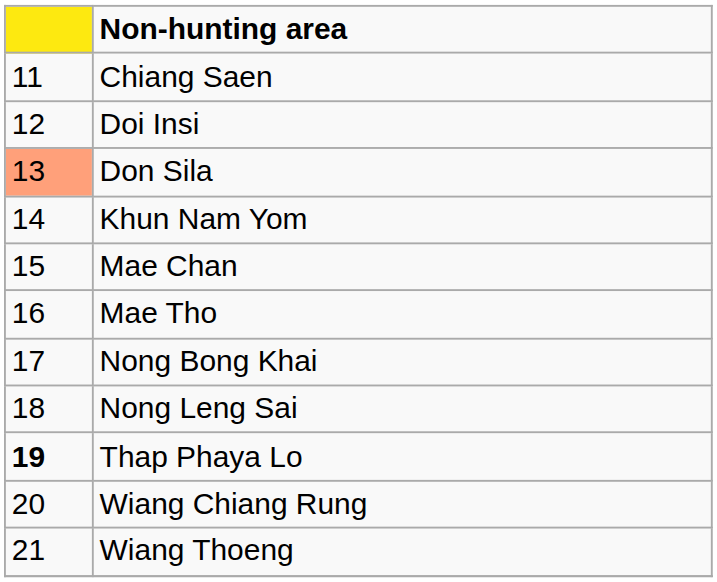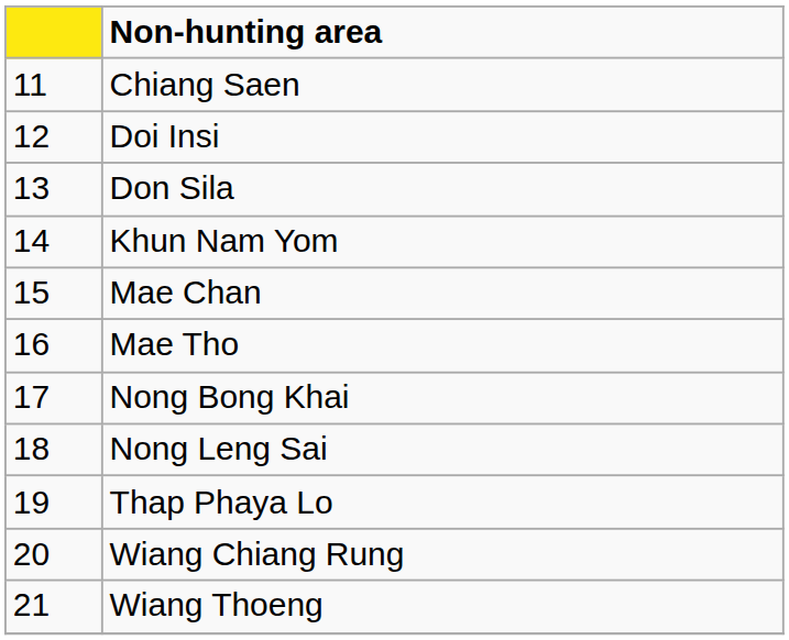 <table class= "wikitable" style= "width:30%; display:inline-table;">
 <tr>
 <td style="width:3%; background:#FDE910;"> </td>
 <td style="width:30%;"><strong>Non-hunting area</strong></td>
 </tr>
 <tr>
 <td>11</td>
 <td>Chiang Saen</td>
 </tr>
 <tr>
 <td>12</td>
 <td>Doi Insi</td>
 </tr>
 <tr>
-<td style="background: lightsalmon;">13</td>
+<td>13</td>
 <td>Don Sila</td>
 </tr>
 <tr>
 <td>14</td>
 <td>Khun Nam Yom</td>
 </tr>
 <tr>
 <td>15</td>
 <td>Mae Chan</td>
 </tr>
 <tr>
 <td>16</td>
 <td>Mae Tho</td>
 </tr>
 <tr>
 <td>17</td>
 <td>Nong Bong Khai</td>
 </tr>
 <tr>
 <td>18</td>
 <td>Nong Leng Sai</td>
 </tr>
 <tr>
-<td><strong>19</strong></td>
+<td>19</td>
 <td>Thap Phaya Lo</td>
 </tr>
 <tr>
 <td>20</td>
 <td>Wiang Chiang Rung</td>
 </tr>
 <tr>
 <td>21</td>
 <td>Wiang Thoeng</td>
 </tr>
 <tr>
 </tr>
 </table>
